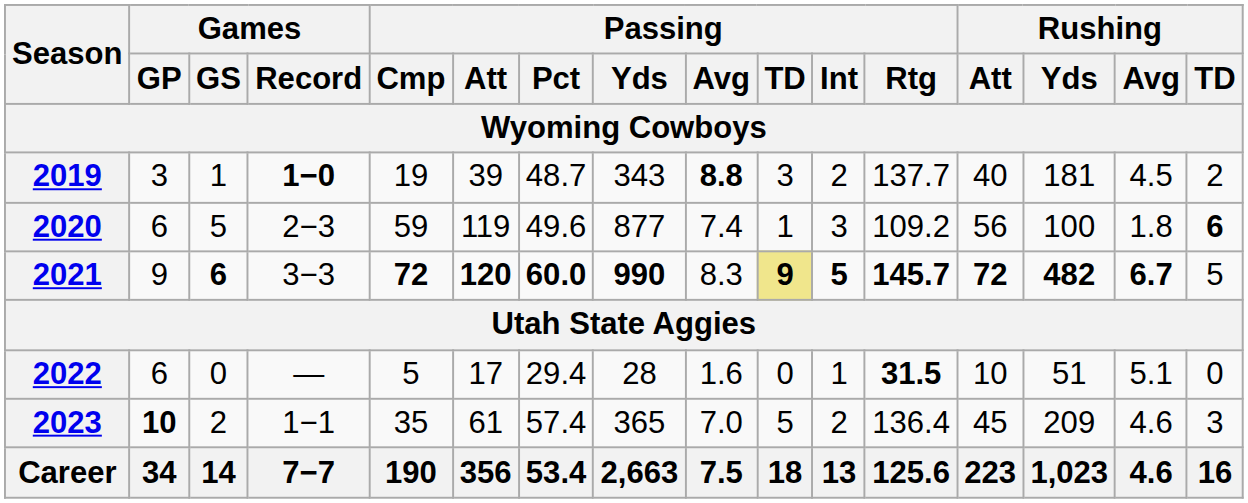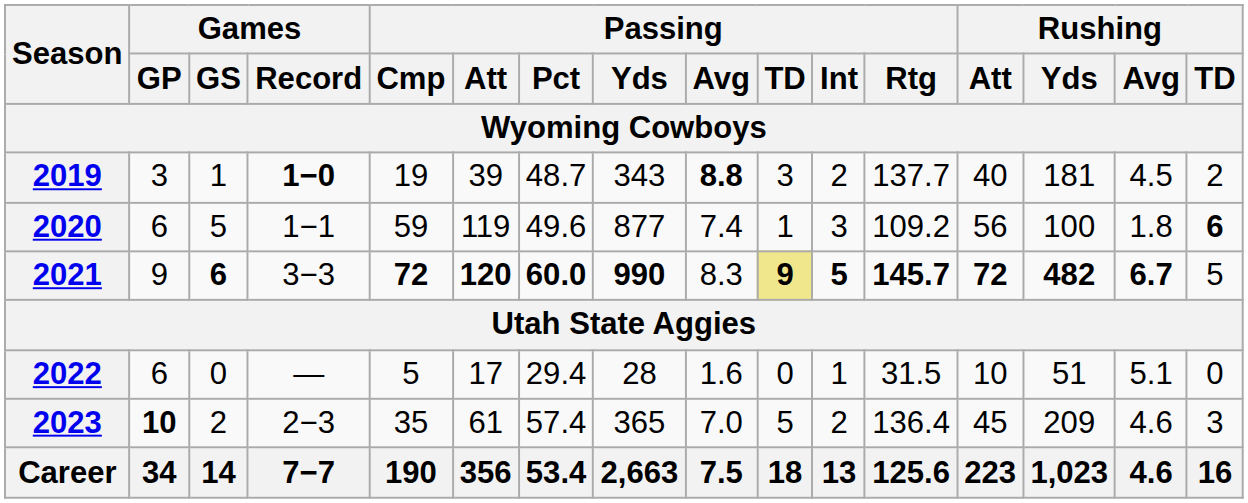 <table class="wikitable" style="text-align:center;">
 <tr>
 <th rowspan="2">Season</th>
 <th colspan="3">Games</th>
 <th colspan="8">Passing</th>
 <th colspan="5">Rushing</th>
 </tr>
 <tr>
 <th>GP</th>
 <th>GS</th>
 <th>Record</th>
 <th>Cmp</th>
 <th>Att</th>
 <th>Pct</th>
 <th>Yds</th>
 <th>Avg</th>
 <th>TD</th>
 <th>Int</th>
 <th>Rtg</th>
 <th>Att</th>
 <th>Yds</th>
 <th>Avg</th>
 <th>TD</th>
 </tr>
 <tr>
 <th colspan="16">Wyoming Cowboys</th>
 </tr>
 <tr>
 <th><a href='#'>2019</a></th>
 <td>3</td>
 <td>1</td>
 <td><strong>1−0</strong></td>
 <td>19</td>
 <td>39</td>
 <td>48.7</td>
 <td>343</td>
 <td><strong>8.8</strong></td>
 <td>3</td>
 <td>2</td>
 <td>137.7</td>
 <td>40</td>
 <td>181</td>
 <td>4.5</td>
 <td>2</td>
 </tr>
 <tr>
 <th><a href='#'>2020</a></th>
 <td>6</td>
 <td>5</td>
-<td>2−3</td>
+<td>1−1</td>
 <td>59</td>
 <td>119</td>
 <td>49.6</td>
 <td>877</td>
 <td>7.4</td>
 <td>1</td>
 <td>3</td>
 <td>109.2</td>
 <td>56</td>
 <td>100</td>
 <td>1.8</td>
 <td><strong>6</strong></td>
 </tr>
 <tr>
 <th><a href='#'>2021</a></th>
 <td>9</td>
 <td><strong>6</strong></td>
 <td>3−3</td>
 <td><strong>72</strong></td>
 <td><strong>120</strong></td>
 <td><strong>60.0</strong></td>
 <td><strong>990</strong></td>
 <td>8.3</td>
 <td style="background: khaki;"><strong>9</strong></td>
 <td><strong>5</strong></td>
 <td><strong>145.7</strong></td>
 <td><strong>72</strong></td>
 <td><strong>482</strong></td>
 <td><strong>6.7</strong></td>
 <td>5</td>
 </tr>
 <tr>
 <th colspan="16">Utah State Aggies</th>
 </tr>
 <tr>
 <th><a href='#'>2022</a></th>
 <td>6</td>
 <td>0</td>
 <td>—</td>
 <td>5</td>
 <td>17</td>
 <td>29.4</td>
 <td>28</td>
 <td>1.6</td>
 <td>0</td>
 <td>1</td>
-<td><strong>31.5</strong></td>
+<td>31.5</td>
 <td>10</td>
 <td>51</td>
 <td>5.1</td>
 <td>0</td>
 </tr>
 <tr>
 <th><a href='#'>2023</a></th>
 <td><strong>10</strong></td>
 <td>2</td>
-<td>1−1</td>
+<td>2−3</td>
 <td>35</td>
 <td>61</td>
 <td>57.4</td>
 <td>365</td>
 <td>7.0</td>
 <td>5</td>
 <td>2</td>
 <td>136.4</td>
 <td>45</td>
 <td>209</td>
 <td>4.6</td>
 <td>3</td>
 </tr>
 <tr>
 <th>Career</th>
 <th>34</th>
 <th>14</th>
 <th>7−7</th>
 <th>190</th>
 <th>356</th>
 <th>53.4</th>
 <th>2,663</th>
 <th>7.5</th>
 <th>18</th>
 <th>13</th>
 <th>125.6</th>
 <th>223</th>
 <th>1,023</th>
 <th>4.6</th>
 <th>16</th>
 </tr>
 </table>
